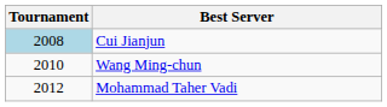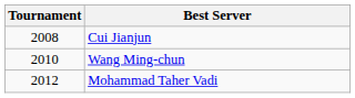 <table class="wikitable" style="width: 400px;">
 <tr>
 <th style="width: 20%;">Tournament</th>
 <th style="width: 80%;">Best Server</th>
 </tr>
 <tr>
-<td align=center style="background: lightblue;">2008</td>
+<td align=center>2008</td>
 <td> <a href='#'>Cui Jianjun</a></td>
 </tr>
 <tr>
 <td align=center>2010</td>
 <td> <a href='#'>Wang Ming-chun</a></td>
 </tr>
 <tr>
 <td align=center>2012</td>
 <td> <a href='#'>Mohammad Taher Vadi</a></td>
 </tr>
 </table>
